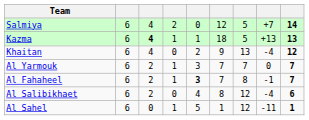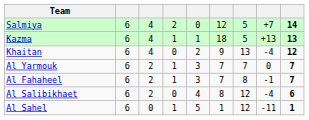 <table class="wikitable" style="text-align: center;">
 <tr>
 <th width=165>Team</th>
 <th width=30></th>
 <th width=30></th>
 <th width=30></th>
 <th width=30></th>
 <th width=30></th>
 <th width=30></th>
 <th width=30></th>
 <th width=30></th>
 </tr>
 <tr style="background:#ccffcc;">
 <td align=left><a href='#'>Salmiya</a></td>
 <td>6</td>
 <td>4</td>
 <td>2</td>
 <td>0</td>
 <td>12</td>
 <td>5</td>
 <td>+7</td>
 <td><strong>14</strong></td>
 </tr>
 <tr style="background:#ccffcc;">
 <td align=left><a href='#'>Kazma</a></td>
 <td>6</td>
-<td><strong>4</strong></td>
+<td>4</td>
 <td>1</td>
 <td>1</td>
 <td>18</td>
 <td>5</td>
 <td>+13</td>
 <td><strong>13</strong></td>
 </tr>
 <tr>
 <td align=left><a href='#'>Khaitan</a></td>
 <td>6</td>
 <td>4</td>
 <td>0</td>
 <td>2</td>
 <td>9</td>
 <td>13</td>
 <td>-4</td>
 <td><strong>12</strong></td>
 </tr>
 <tr>
 <td align=left><a href='#'>Al Yarmouk</a></td>
 <td>6</td>
 <td>2</td>
 <td>1</td>
 <td>3</td>
 <td>7</td>
 <td>7</td>
 <td>0</td>
 <td><strong>7</strong></td>
 </tr>
 <tr>
 <td align=left><a href='#'>Al Fahaheel</a></td>
 <td>6</td>
 <td>2</td>
 <td>1</td>
-<td><strong>3</strong></td>
+<td>3</td>
 <td>7</td>
 <td>8</td>
 <td>-1</td>
 <td><strong>7</strong></td>
 </tr>
 <tr>
 <td align=left><a href='#'>Al Salibikhaet</a></td>
 <td>6</td>
 <td>2</td>
 <td>0</td>
 <td>4</td>
 <td>8</td>
 <td>12</td>
 <td>-4</td>
 <td><strong>6</strong></td>
 </tr>
 <tr>
 <td align=left><a href='#'>Al Sahel</a></td>
 <td>6</td>
 <td>0</td>
 <td>1</td>
 <td>5</td>
 <td>1</td>
 <td>12</td>
 <td>-11</td>
 <td><strong>1</strong></td>
 </tr>
 </table>
